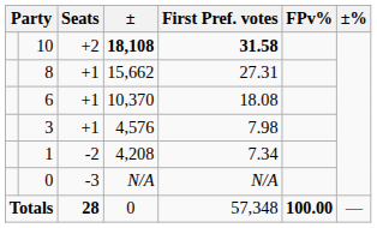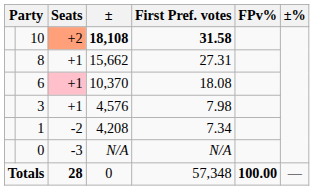 <table class=wikitable>
 <tr>
 <th colspan=2 align=center>Party</th>
 <th valign=top>Seats</th>
 <th valign=top>±</th>
 <th valign=top>First Pref. votes</th>
 <th valign=top>FPv%</th>
 <th valign=top>±%</th>
 </tr>
 <tr>
 <td></td>
 <td align=right>10</td>
-<td align=right>+2</td>
+<td align=right style="background: lightsalmon;">+2</td>
 <td align=right><strong>18,108</strong></td>
 <td align=right><strong>31.58</strong></td>
 <td align=right></td>
 </tr>
 <tr>
 <td></td>
 <td align=right>8</td>
 <td align=right>+1</td>
 <td align=right>15,662</td>
 <td align=right>27.31</td>
 <td align=right></td>
 </tr>
 <tr>
 <td></td>
 <td align=right>6</td>
-<td align=right>+1</td>
+<td align=right style="background: pink;">+1</td>
 <td align=right>10,370</td>
 <td align=right>18.08</td>
 <td align=right></td>
 </tr>
 <tr>
 <td></td>
 <td align=right>3</td>
 <td align=right>+1</td>
 <td align=right>4,576</td>
 <td align=right>7.98</td>
 <td align=right></td>
 </tr>
 <tr>
 <td></td>
 <td align=right>1</td>
 <td align=right>-2</td>
 <td align=right>4,208</td>
 <td align=right>7.34</td>
 <td align=right></td>
 </tr>
 <tr>
 <td></td>
 <td align=right>0</td>
 <td align=right>-3</td>
 <td align=right><em>N/A</em></td>
 <td align=right><em>N/A</em></td>
 <td align=right></td>
 </tr>
 <tr>
 <td colspan=2 align=center><strong>Totals</strong></td>
 <td align=right><strong>28</strong></td>
 <td align=center>0</td>
 <td align=right>57,348</td>
 <td align=center><strong>100.00</strong></td>
 <td align=center>—</td>
 </tr>
 </table>
